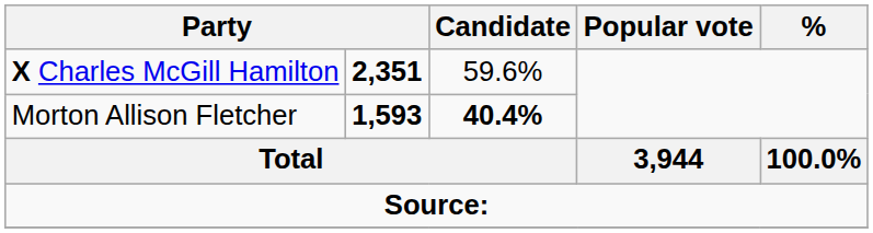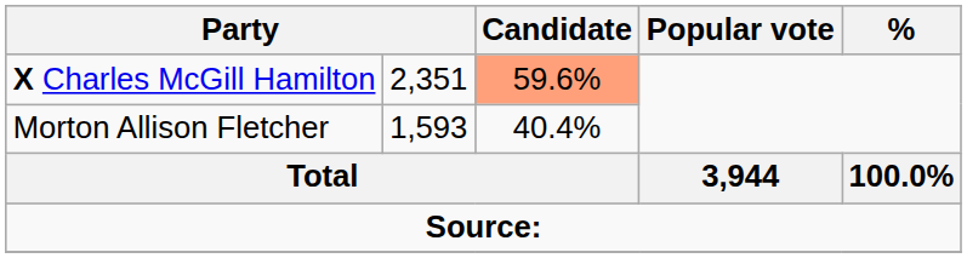 <table class="wikitable">
 <tr>
 <th colspan="2">Party</th>
 <th>Candidate</th>
 <th>Popular vote</th>
 <th>%</th>
 </tr>
 <tr>
 <td> <strong>X</strong> <a href='#'>Charles McGill Hamilton</a></td>
-<td align=center><strong>2,351</strong></td>
-<td align=center>59.6%</td>
+<td align=center>2,351</td>
+<td align=center style="background: lightsalmon;">59.6%</td>
 </tr>
 <tr>
 <td>Morton Allison Fletcher</td>
-<td align=center><strong>1,593</strong></td>
-<td align=center><strong>40.4%</strong></td>
+<td align=center>1,593</td>
+<td align=center>40.4%</td>
 </tr>
 <tr>
 <th colspan=3>Total</th>
 <th>3,944</th>
 <th>100.0%</th>
 </tr>
 <tr>
 <td align="center" colspan=5><strong>Source:</strong> </td>
 </tr>
 <tr>
 </tr>
 </table>
